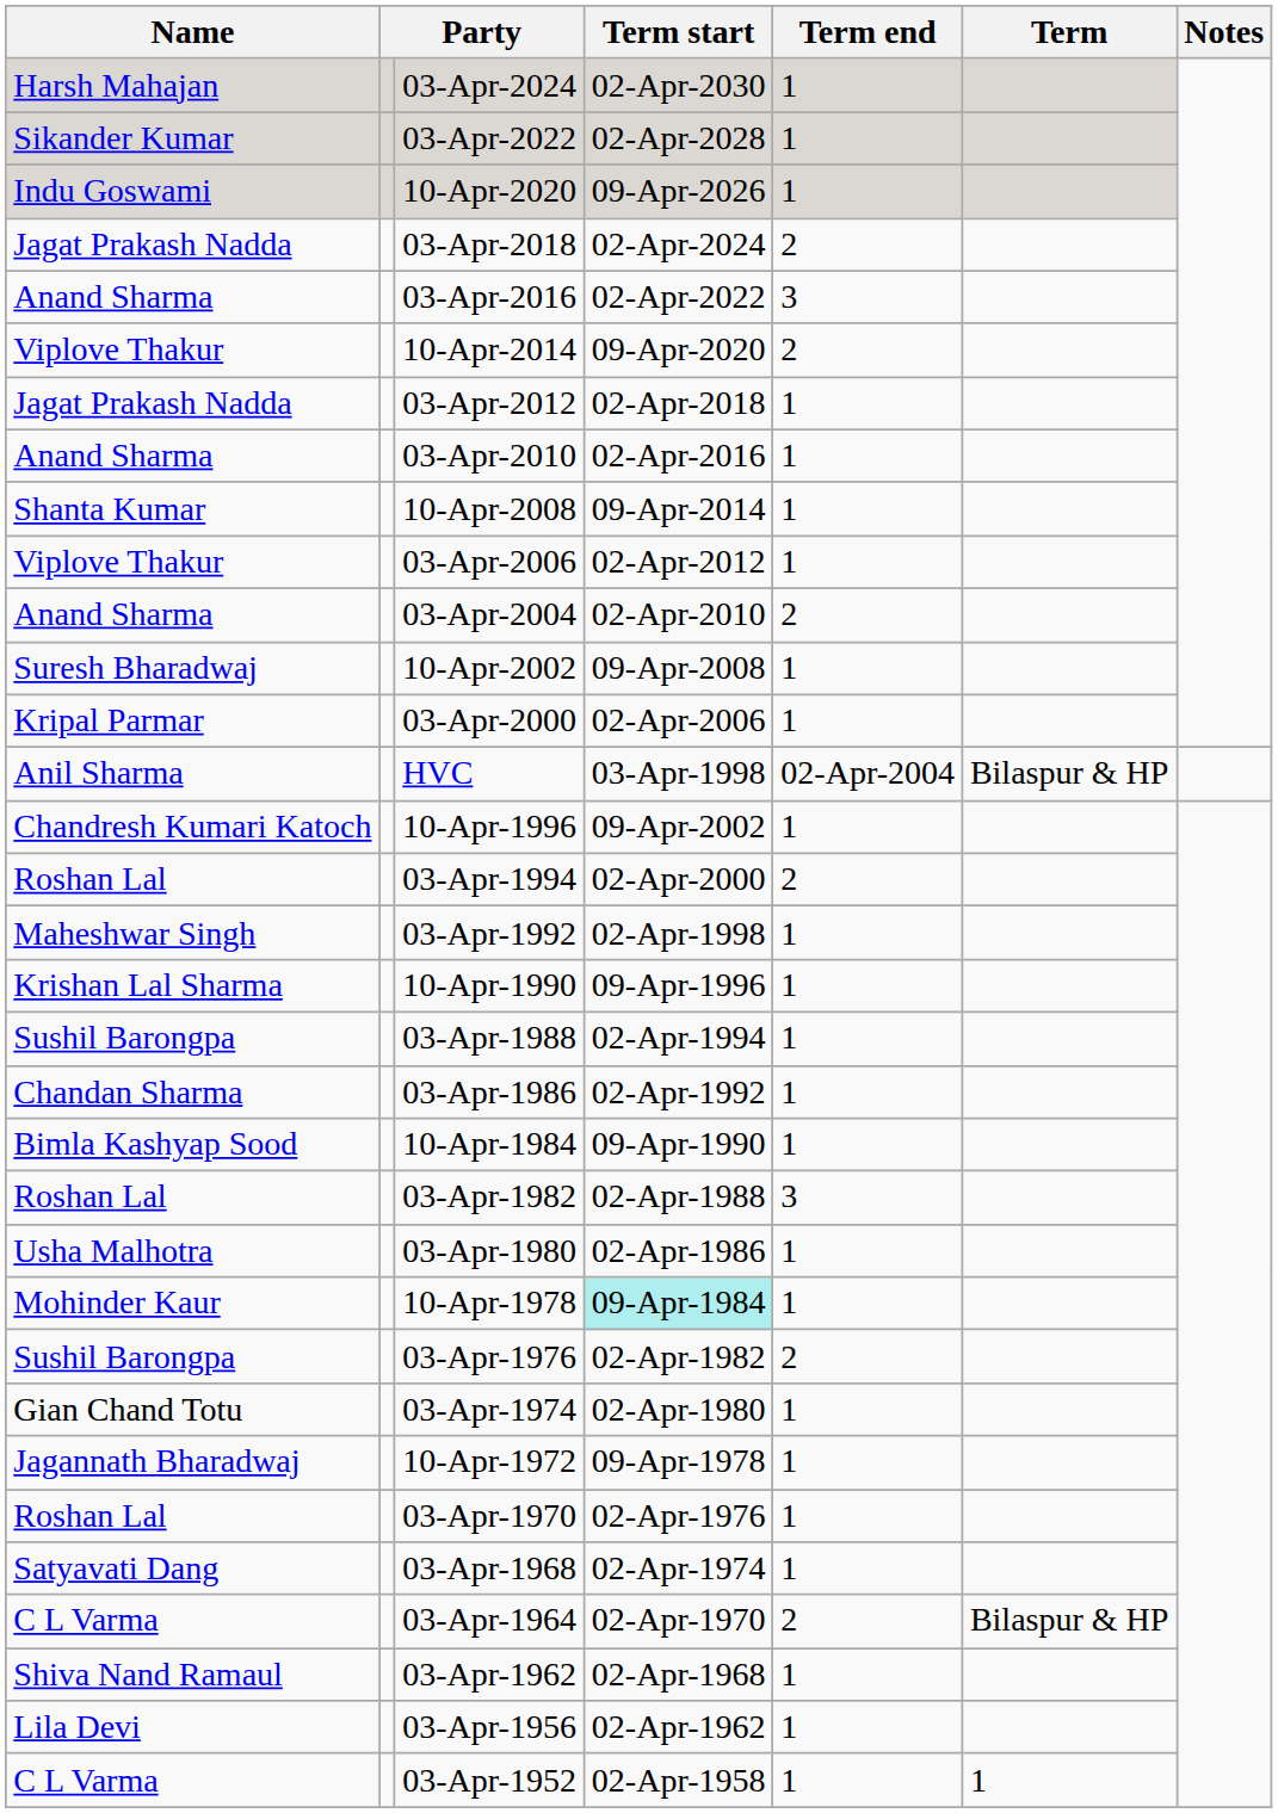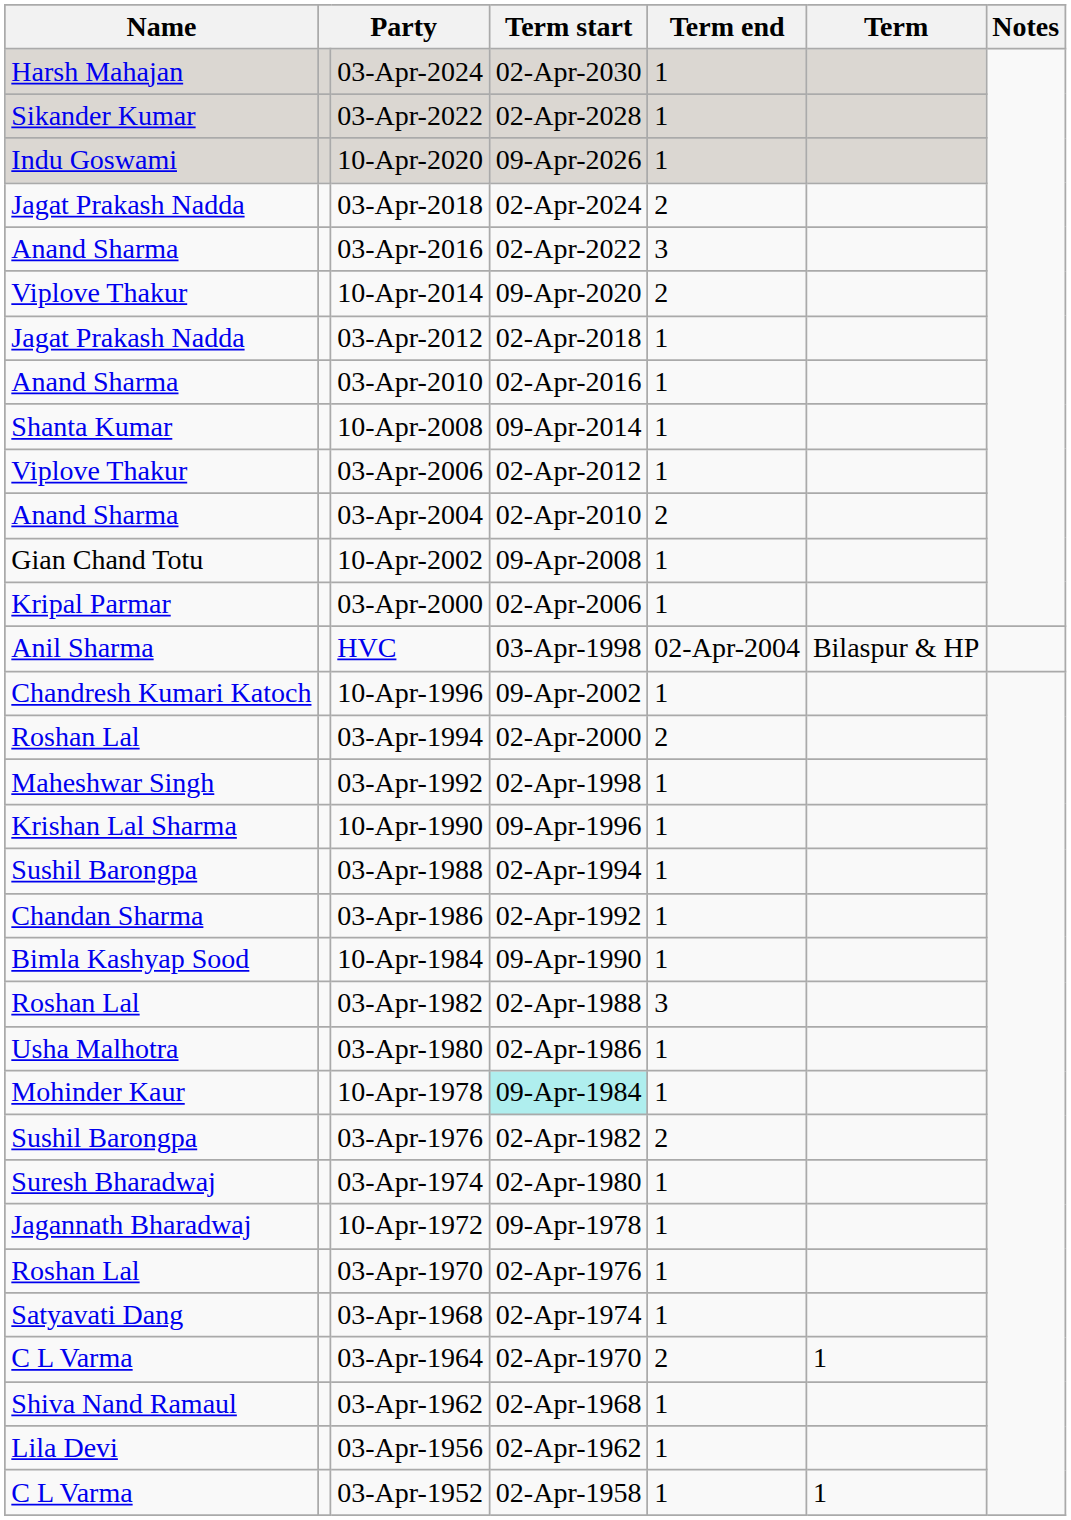 <table class="wikitable sortable">
 <tr>
 <th>Name</th>
 <th colspan="2">Party</th>
 <th>Term start</th>
 <th>Term end</th>
 <th>Term</th>
 <th>Notes</th>
 </tr>
 <tr style="background:#DBD7D2;">
 <td><a href='#'>Harsh Mahajan</a></td>
 <td></td>
 <td>03-Apr-2024</td>
 <td>02-Apr-2030</td>
 <td>1</td>
 <td></td>
 </tr>
 <tr style="background:#DBD7D2;">
 <td><a href='#'>Sikander Kumar</a></td>
 <td></td>
 <td>03-Apr-2022</td>
 <td>02-Apr-2028</td>
 <td>1</td>
 <td></td>
 </tr>
 <tr style="background:#DBD7D2;">
 <td><a href='#'>Indu Goswami</a></td>
 <td></td>
 <td>10-Apr-2020</td>
 <td>09-Apr-2026</td>
 <td>1</td>
 <td></td>
 </tr>
 <tr>
 <td><a href='#'>Jagat Prakash Nadda</a></td>
 <td></td>
 <td>03-Apr-2018</td>
 <td>02-Apr-2024</td>
 <td>2</td>
 <td></td>
 </tr>
 <tr>
 <td><a href='#'>Anand Sharma</a></td>
 <td></td>
 <td>03-Apr-2016</td>
 <td>02-Apr-2022</td>
 <td>3</td>
 <td></td>
 </tr>
 <tr>
 <td><a href='#'>Viplove Thakur</a></td>
 <td></td>
 <td>10-Apr-2014</td>
 <td>09-Apr-2020</td>
 <td>2</td>
 <td></td>
 </tr>
 <tr>
 <td><a href='#'>Jagat Prakash Nadda</a></td>
 <td></td>
 <td>03-Apr-2012</td>
 <td>02-Apr-2018</td>
 <td>1</td>
 <td></td>
 </tr>
 <tr>
 <td><a href='#'>Anand Sharma</a></td>
 <td></td>
 <td>03-Apr-2010</td>
 <td>02-Apr-2016</td>
 <td>1</td>
 <td></td>
 </tr>
 <tr>
 <td><a href='#'>Shanta Kumar</a></td>
 <td></td>
 <td>10-Apr-2008</td>
 <td>09-Apr-2014</td>
 <td>1</td>
 <td></td>
 </tr>
 <tr>
 <td><a href='#'>Viplove Thakur</a></td>
 <td></td>
 <td>03-Apr-2006</td>
 <td>02-Apr-2012</td>
 <td>1</td>
 <td></td>
 </tr>
 <tr>
 <td><a href='#'>Anand Sharma</a></td>
 <td></td>
 <td>03-Apr-2004</td>
 <td>02-Apr-2010</td>
 <td>2</td>
 <td></td>
 </tr>
 <tr>
-<td><a href='#'>Suresh Bharadwaj</a></td>
+<td>Gian Chand Totu</td>
 <td></td>
 <td>10-Apr-2002</td>
 <td>09-Apr-2008</td>
 <td>1</td>
 <td></td>
 </tr>
 <tr>
 <td><a href='#'>Kripal Parmar</a></td>
 <td></td>
 <td>03-Apr-2000</td>
 <td>02-Apr-2006</td>
 <td>1</td>
 <td></td>
 </tr>
 <tr>
 <td><a href='#'>Anil Sharma</a></td>
 <td style="background-color: "></td>
 <td><a href='#'>HVC</a></td>
 <td>03-Apr-1998</td>
 <td>02-Apr-2004</td>
 <td>Bilaspur & HP</td>
 <td></td>
 </tr>
 <tr>
 <td><a href='#'>Chandresh Kumari Katoch</a></td>
 <td></td>
 <td>10-Apr-1996</td>
 <td>09-Apr-2002</td>
 <td>1</td>
 <td></td>
 </tr>
 <tr>
 <td><a href='#'>Roshan Lal</a></td>
 <td></td>
 <td>03-Apr-1994</td>
 <td>02-Apr-2000</td>
 <td>2</td>
 <td></td>
 </tr>
 <tr>
 <td><a href='#'>Maheshwar Singh</a></td>
 <td></td>
 <td>03-Apr-1992</td>
 <td>02-Apr-1998</td>
 <td>1</td>
 <td></td>
 </tr>
 <tr>
 <td><a href='#'>Krishan Lal Sharma</a></td>
 <td></td>
 <td>10-Apr-1990</td>
 <td>09-Apr-1996</td>
 <td>1</td>
 <td></td>
 </tr>
 <tr>
 <td><a href='#'>Sushil Barongpa</a></td>
 <td></td>
 <td>03-Apr-1988</td>
 <td>02-Apr-1994</td>
 <td>1</td>
 <td></td>
 </tr>
 <tr>
 <td><a href='#'>Chandan Sharma</a></td>
 <td></td>
 <td>03-Apr-1986</td>
 <td>02-Apr-1992</td>
 <td>1</td>
 <td></td>
 </tr>
 <tr>
 <td><a href='#'>Bimla Kashyap Sood</a></td>
 <td></td>
 <td>10-Apr-1984</td>
 <td>09-Apr-1990</td>
 <td>1</td>
 <td></td>
 </tr>
 <tr>
 <td><a href='#'>Roshan Lal</a></td>
 <td></td>
 <td>03-Apr-1982</td>
 <td>02-Apr-1988</td>
 <td>3</td>
 <td></td>
 </tr>
 <tr>
 <td><a href='#'>Usha Malhotra</a></td>
 <td></td>
 <td>03-Apr-1980</td>
 <td>02-Apr-1986</td>
 <td>1</td>
 <td></td>
 </tr>
 <tr>
 <td><a href='#'>Mohinder Kaur</a></td>
 <td></td>
 <td>10-Apr-1978</td>
 <td style="background: paleturquoise;">09-Apr-1984</td>
 <td>1</td>
 <td></td>
 </tr>
 <tr>
 <td><a href='#'>Sushil Barongpa</a></td>
 <td></td>
 <td>03-Apr-1976</td>
 <td>02-Apr-1982</td>
 <td>2</td>
 <td></td>
 </tr>
 <tr>
-<td>Gian Chand Totu</td>
+<td><a href='#'>Suresh Bharadwaj</a></td>
 <td></td>
 <td>03-Apr-1974</td>
 <td>02-Apr-1980</td>
 <td>1</td>
 <td></td>
 </tr>
 <tr>
 <td><a href='#'>Jagannath Bharadwaj</a></td>
 <td></td>
 <td>10-Apr-1972</td>
 <td>09-Apr-1978</td>
 <td>1</td>
 <td></td>
 </tr>
 <tr>
 <td><a href='#'>Roshan Lal</a></td>
 <td></td>
 <td>03-Apr-1970</td>
 <td>02-Apr-1976</td>
 <td>1</td>
 <td></td>
 </tr>
 <tr>
 <td><a href='#'>Satyavati Dang</a></td>
 <td></td>
 <td>03-Apr-1968</td>
 <td>02-Apr-1974</td>
 <td>1</td>
 <td></td>
 </tr>
 <tr>
 <td><a href='#'>C L Varma</a></td>
 <td></td>
 <td>03-Apr-1964</td>
 <td>02-Apr-1970</td>
 <td>2</td>
-<td>Bilaspur & HP</td>
+<td>1</td>
 </tr>
 <tr>
 <td><a href='#'>Shiva Nand Ramaul</a></td>
 <td></td>
 <td>03-Apr-1962</td>
 <td>02-Apr-1968</td>
 <td>1</td>
 <td></td>
 </tr>
 <tr>
 <td><a href='#'>Lila Devi</a></td>
 <td></td>
 <td>03-Apr-1956</td>
 <td>02-Apr-1962</td>
 <td>1</td>
 <td></td>
 </tr>
 <tr>
 <td><a href='#'>C L Varma</a></td>
 <td></td>
 <td>03-Apr-1952</td>
 <td>02-Apr-1958</td>
 <td>1</td>
 <td>1</td>
 </tr>
 </table>
